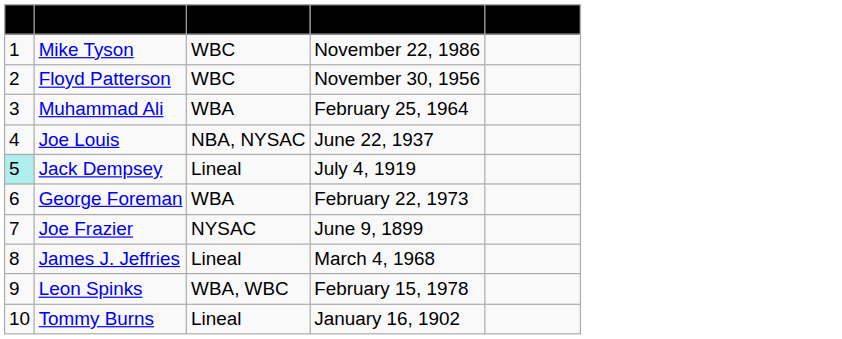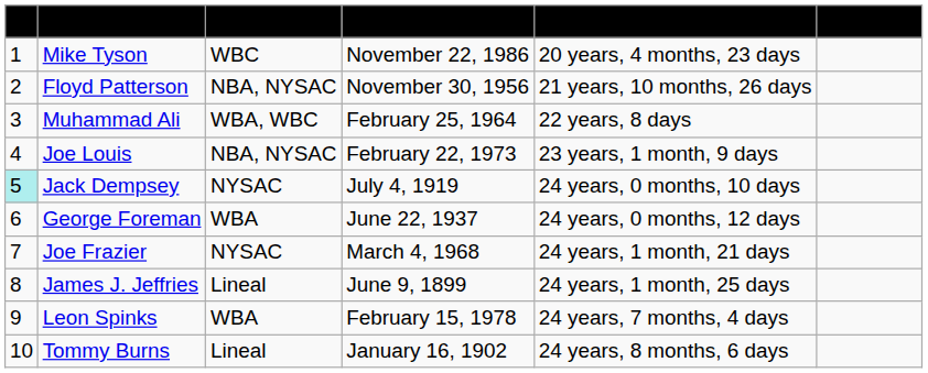 <table class="wikitable sortable" style="margin:0 .5em .5em 0; margin-top:.5em; margin-bottom:.5em; border:1px solid #CCC; border-collapse:collapse; text-align:left;">
 <tr>
 <th style="background: #D1EEEE; background: black;« width=»10%"><span></span></th>
 <th style="background: #D1EEEE; background: black;« width=»10%"><span>Name</span></th>
 <th style="background: #D1EEEE; background: black;« width=»10%"><span>Recognition</span></th>
 <th style="background: #D1EEEE; background: black;« width=»10%"><span>Date</span></th>
+<th style="background: #D1EEEE; background: black;« width=»10%"><span>Age</span></th>
 <th style="background: #D1EEEE; background: black;« width=»10%"><span>Source(s)</span></th>
 </tr>
 <tr>
 <td>1</td>
 <td><a href='#'>Mike Tyson</a></td>
 <td>WBC</td>
 <td>November 22, 1986</td>
+<td>20 years, 4 months, 23 days</td>
 <td></td>
 </tr>
 <tr>
 <td>2</td>
 <td><a href='#'>Floyd Patterson</a></td>
-<td>WBC</td>
+<td>NBA, NYSAC</td>
 <td>November 30, 1956</td>
+<td>21 years, 10 months, 26 days</td>
 <td></td>
 </tr>
 <tr>
 <td>3</td>
 <td><a href='#'>Muhammad Ali</a></td>
-<td>WBA</td>
+<td>WBA, WBC</td>
 <td>February 25, 1964</td>
+<td>22 years, 8 days</td>
 <td></td>
 </tr>
 <tr>
 <td>4</td>
 <td><a href='#'>Joe Louis</a></td>
 <td>NBA, NYSAC</td>
-<td>June 22, 1937</td>
+<td>February 22, 1973</td>
+<td>23 years, 1 month, 9 days</td>
 <td></td>
 </tr>
 <tr>
 <td style="background: paleturquoise;">5</td>
 <td><a href='#'>Jack Dempsey</a></td>
-<td>Lineal</td>
+<td>NYSAC</td>
 <td>July 4, 1919</td>
+<td>24 years, 0 months, 10 days</td>
 <td></td>
 </tr>
 <tr>
 <td>6</td>
 <td><a href='#'>George Foreman</a></td>
 <td>WBA</td>
-<td>February 22, 1973</td>
+<td>June 22, 1937</td>
+<td>24 years, 0 months, 12 days</td>
 <td></td>
 </tr>
 <tr>
 <td>7</td>
 <td><a href='#'>Joe Frazier</a></td>
 <td>NYSAC</td>
-<td>June 9, 1899</td>
+<td>March 4, 1968</td>
+<td>24 years, 1 month, 21 days</td>
 <td></td>
 </tr>
 <tr>
 <td>8</td>
 <td><a href='#'>James J. Jeffries</a></td>
 <td>Lineal</td>
-<td>March 4, 1968</td>
+<td>June 9, 1899</td>
+<td>24 years, 1 month, 25 days</td>
 <td></td>
 </tr>
 <tr>
 <td>9</td>
 <td><a href='#'>Leon Spinks</a></td>
-<td>WBA, WBC</td>
+<td>WBA</td>
 <td>February 15, 1978</td>
+<td>24 years, 7 months, 4 days</td>
 <td></td>
 </tr>
 <tr>
 <td>10</td>
 <td><a href='#'>Tommy Burns</a></td>
 <td>Lineal</td>
 <td>January 16, 1902</td>
+<td>24 years, 8 months, 6 days</td>
 <td></td>
 </tr>
 </table>
